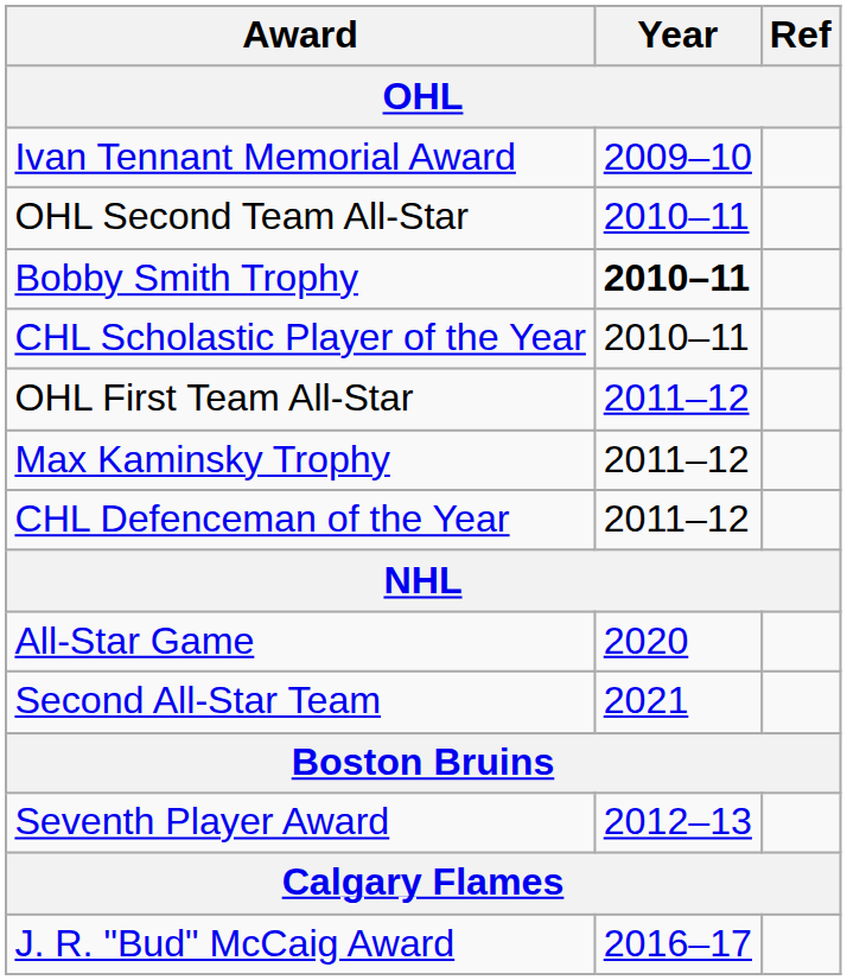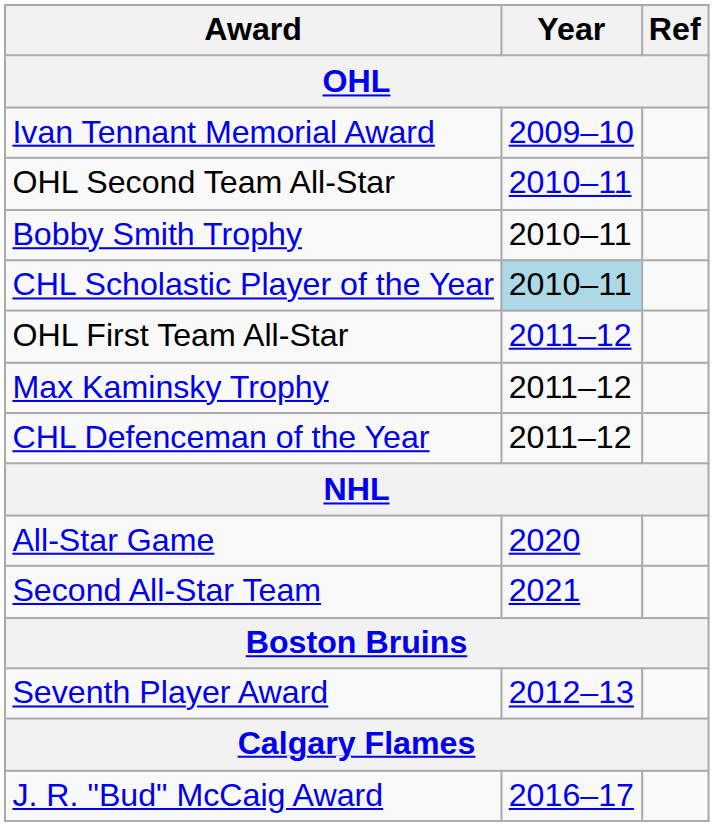 <table class="wikitable">
 <tr>
 <th>Award</th>
 <th>Year</th>
 <th>Ref</th>
 </tr>
 <tr>
 <th colspan="3"><a href='#'>OHL</a></th>
 </tr>
 <tr>
 <td><a href='#'>Ivan Tennant Memorial Award</a></td>
 <td><a href='#'>2009–10</a></td>
 <td></td>
 </tr>
 <tr>
 <td>OHL Second Team All-Star</td>
 <td><a href='#'>2010–11</a></td>
 <td></td>
 </tr>
 <tr>
 <td><a href='#'>Bobby Smith Trophy</a></td>
-<td><strong>2010–11</strong></td>
+<td>2010–11</td>
 <td></td>
 </tr>
 <tr>
 <td><a href='#'>CHL Scholastic Player of the Year</a></td>
-<td>2010–11</td>
+<td style="background: lightblue;">2010–11</td>
 <td></td>
 </tr>
 <tr>
 <td>OHL First Team All-Star</td>
 <td><a href='#'>2011–12</a></td>
 <td></td>
 </tr>
 <tr>
 <td><a href='#'>Max Kaminsky Trophy</a></td>
 <td>2011–12</td>
 <td></td>
 </tr>
 <tr>
 <td><a href='#'>CHL Defenceman of the Year</a></td>
 <td>2011–12</td>
 </tr>
 <tr>
 <th colspan="3"><a href='#'>NHL</a></th>
 </tr>
 <tr>
 <td><a href='#'>All-Star Game</a></td>
 <td><a href='#'>2020</a></td>
 <td></td>
 </tr>
 <tr>
 <td><a href='#'>Second All-Star Team</a></td>
 <td><a href='#'>2021</a></td>
 <td></td>
 </tr>
 <tr>
 <th colspan="3"><a href='#'>Boston Bruins</a></th>
 </tr>
 <tr>
 <td><a href='#'>Seventh Player Award</a></td>
 <td><a href='#'>2012–13</a></td>
 <td></td>
 </tr>
 <tr>
 <th colspan="3"><a href='#'>Calgary Flames</a></th>
 </tr>
 <tr>
 <td><a href='#'>J. R. "Bud" McCaig Award</a></td>
 <td><a href='#'>2016–17</a></td>
 <td></td>
 </tr>
 </table>
